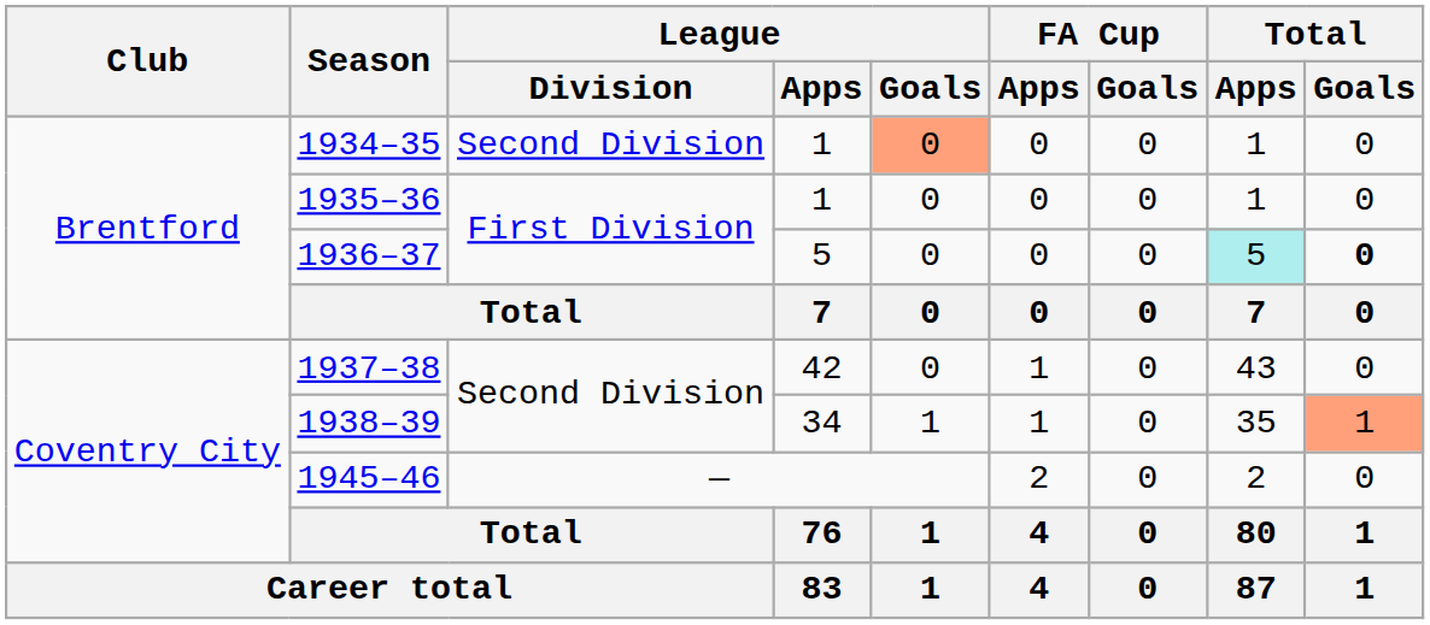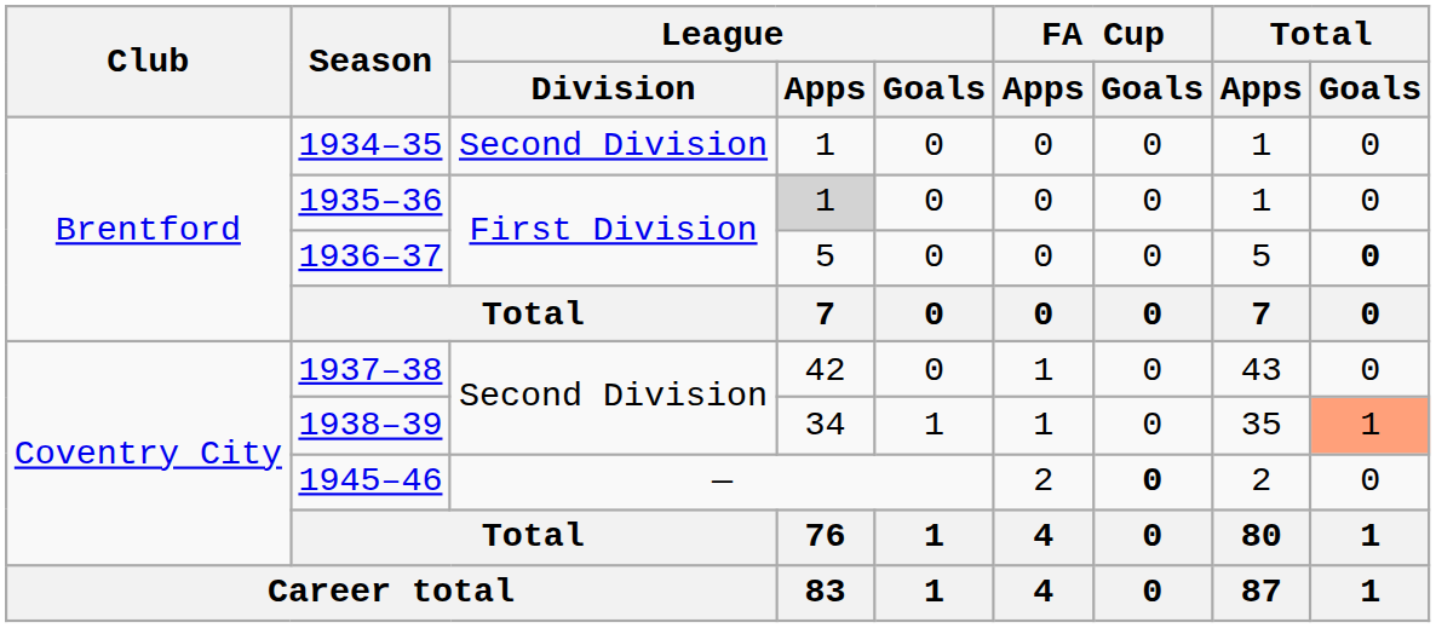 <table class="wikitable" style="text-align: center;">
 <tr>
 <th rowspan="2">Club</th>
 <th rowspan="2">Season</th>
 <th colspan="3">League</th>
 <th colspan="2">FA Cup</th>
 <th colspan="2">Total</th>
 </tr>
 <tr>
 <th>Division</th>
 <th>Apps</th>
 <th>Goals</th>
 <th>Apps</th>
 <th>Goals</th>
 <th>Apps</th>
 <th>Goals</th>
 </tr>
 <tr>
 <td rowspan="4"><a href='#'>Brentford</a></td>
 <td><a href='#'>1934–35</a></td>
 <td><a href='#'>Second Division</a></td>
 <td>1</td>
-<td style="background: lightsalmon;">0</td>
+<td>0</td>
 <td>0</td>
 <td>0</td>
 <td>1</td>
 <td>0</td>
 </tr>
 <tr>
 <td><a href='#'>1935–36</a></td>
 <td rowspan="2"><a href='#'>First Division</a></td>
-<td>1</td>
+<td style="background: lightgrey;">1</td>
 <td>0</td>
 <td>0</td>
 <td>0</td>
 <td>1</td>
 <td>0</td>
 </tr>
 <tr>
 <td><a href='#'>1936–37</a></td>
 <td>5</td>
 <td>0</td>
 <td>0</td>
 <td>0</td>
-<td style="background: paleturquoise;">5</td>
+<td>5</td>
 <td><strong>0</strong></td>
 </tr>
 <tr>
 <th colspan="2">Total</th>
 <th>7</th>
 <th>0</th>
 <th>0</th>
 <th>0</th>
 <th>7</th>
 <th>0</th>
 </tr>
 <tr>
 <td rowspan="4"><a href='#'>Coventry City</a></td>
 <td><a href='#'>1937–38</a></td>
 <td rowspan="2">Second Division</td>
 <td>42</td>
 <td>0</td>
 <td>1</td>
 <td>0</td>
 <td>43</td>
 <td>0</td>
 </tr>
 <tr>
 <td><a href='#'>1938–39</a></td>
 <td>34</td>
 <td>1</td>
 <td>1</td>
 <td>0</td>
 <td>35</td>
 <td style="background: lightsalmon;">1</td>
 </tr>
 <tr>
 <td><a href='#'>1945–46</a></td>
 <td colspan="3">—</td>
 <td>2</td>
-<td>0</td>
+<td><strong>0</strong></td>
 <td>2</td>
 <td>0</td>
 </tr>
 <tr>
 <th colspan="2">Total</th>
 <th>76</th>
 <th>1</th>
 <th>4</th>
 <th>0</th>
 <th>80</th>
 <th>1</th>
 </tr>
 <tr>
 <th colspan="3">Career total</th>
 <th>83</th>
 <th>1</th>
 <th>4</th>
 <th>0</th>
 <th>87</th>
 <th>1</th>
 </tr>
 </table>
